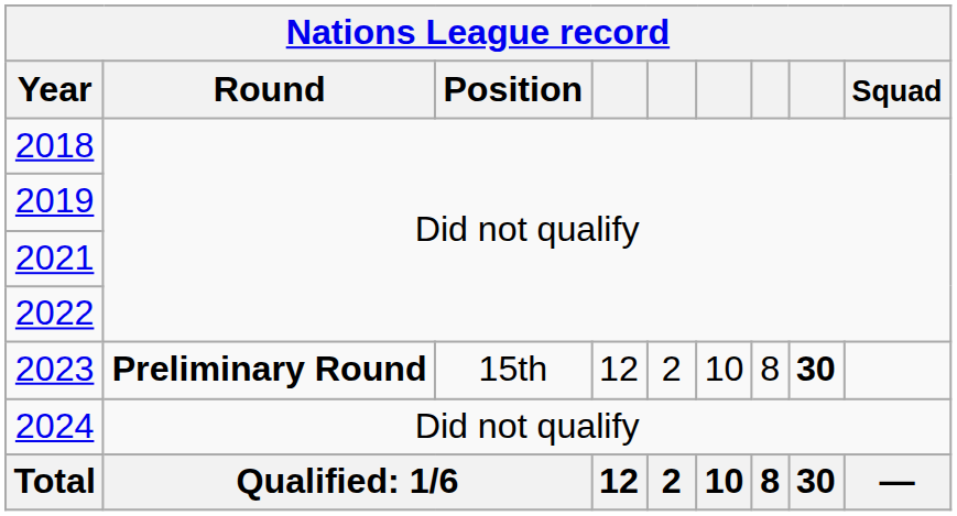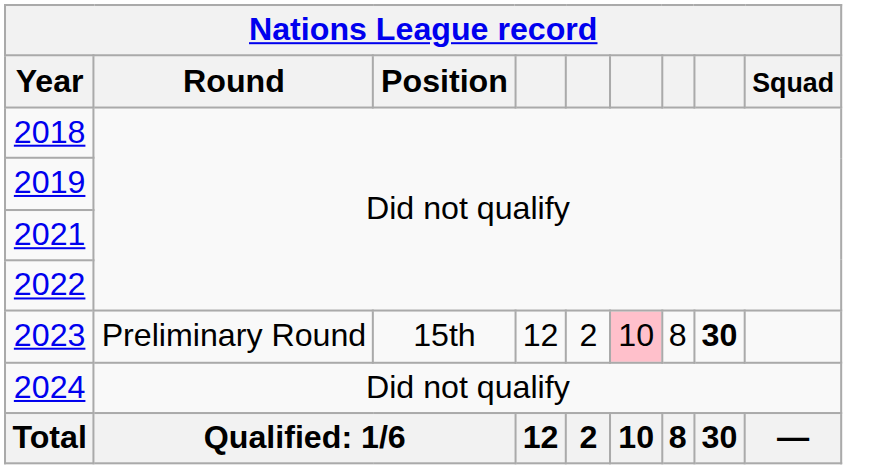 <table class="wikitable" style="text-align: center;">
 <tr>
 <th colspan=9><a href='#'>Nations League record</a></th>
 </tr>
 <tr>
 <th>Year</th>
 <th>Round</th>
 <th>Position</th>
 <th width="15"></th>
 <th width="15"></th>
 <th width="15"></th>
 <th></th>
 <th></th>
 <th><small>Squad</small></th>
 </tr>
 <tr>
 <td> <a href='#'>2018</a></td>
 <td colspan="8" rowspan="4">Did not qualify</td>
 </tr>
 <tr>
 <td> <a href='#'>2019</a></td>
 </tr>
 <tr>
 <td> <a href='#'>2021</a></td>
 </tr>
 <tr>
 <td> <a href='#'>2022</a></td>
 </tr>
 <tr>
 <td> <a href='#'>2023</a></td>
-<td><strong>Preliminary Round</strong></td>
+<td>Preliminary Round</td>
 <td>15th</td>
 <td>12</td>
 <td>2</td>
-<td>10</td>
+<td style="background: pink;">10</td>
 <td>8</td>
 <td><strong>30</strong></td>
 <td></td>
 </tr>
 <tr>
 <td> <a href='#'>2024</a></td>
 <td colspan="8" rowspan="1">Did not qualify</td>
 </tr>
 <tr>
 <th>Total</th>
 <th colspan="2">Qualified: 1/6</th>
 <th>12</th>
 <th>2</th>
 <th>10</th>
 <th>8</th>
 <th>30</th>
 <th>—</th>
 </tr>
 </table>
